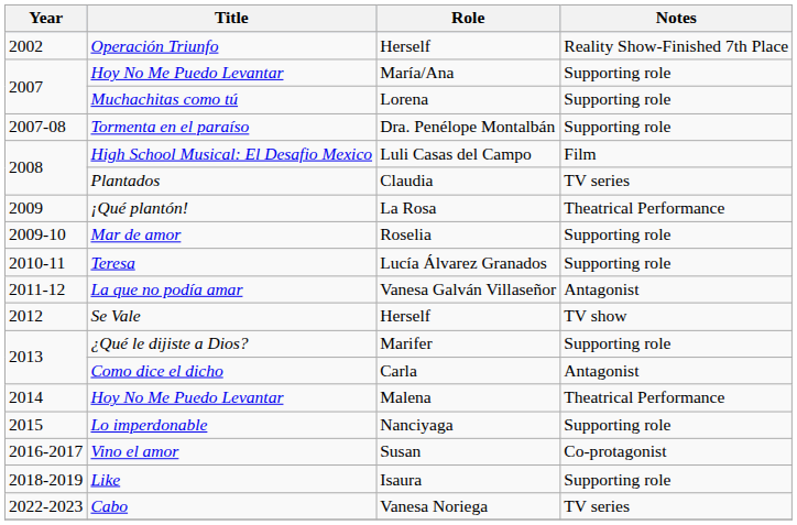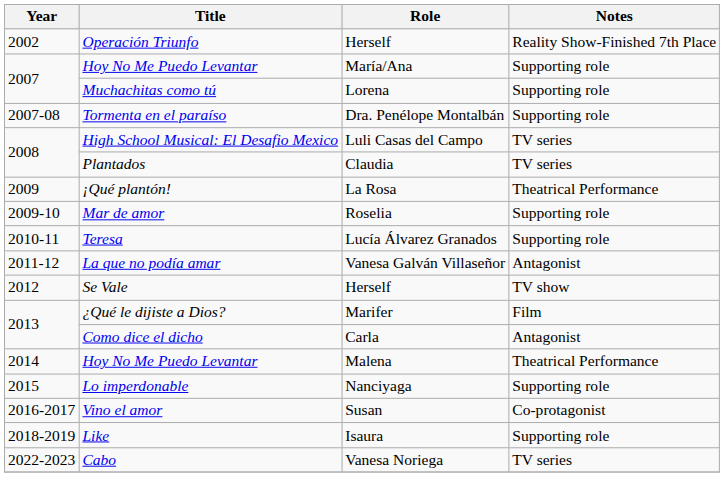 <table class="wikitable">
 <tr style="background:#b0c4de;">
 <th>Year</th>
 <th>Title</th>
 <th>Role</th>
 <th>Notes</th>
 </tr>
 <tr>
 <td>2002</td>
 <td><em><a href='#'>Operación Triunfo</a></em></td>
 <td>Herself</td>
 <td>Reality Show-Finished 7th Place</td>
 </tr>
 <tr>
 <td rowspan=2>2007</td>
 <td><em><a href='#'>Hoy No Me Puedo Levantar</a></em></td>
 <td>María/Ana</td>
 <td>Supporting role</td>
 </tr>
 <tr>
 <td><em><a href='#'>Muchachitas como tú</a></em></td>
 <td>Lorena</td>
 <td>Supporting role</td>
 </tr>
 <tr>
 <td>2007-08</td>
 <td><em><a href='#'>Tormenta en el paraíso</a></em></td>
 <td>Dra. Penélope Montalbán</td>
 <td>Supporting role</td>
 </tr>
 <tr>
 <td rowspan=2>2008</td>
 <td><em><a href='#'>High School Musical: El Desafio Mexico</a></em></td>
 <td>Luli Casas del Campo</td>
-<td>Film</td>
+<td>TV series</td>
 </tr>
 <tr>
 <td><em>Plantados</em></td>
 <td>Claudia</td>
 <td>TV series</td>
 </tr>
 <tr>
 <td>2009</td>
 <td><em>¡Qué plantón!</em></td>
 <td>La Rosa</td>
 <td>Theatrical Performance</td>
 </tr>
 <tr>
 <td>2009-10</td>
 <td><em><a href='#'>Mar de amor</a></em></td>
 <td>Roselia</td>
 <td>Supporting role</td>
 </tr>
 <tr>
 <td>2010-11</td>
 <td><em><a href='#'>Teresa</a></em></td>
 <td>Lucía Álvarez Granados</td>
 <td>Supporting role</td>
 </tr>
 <tr>
 <td>2011-12</td>
 <td><em><a href='#'>La que no podía amar</a></em></td>
 <td>Vanesa Galván Villaseñor</td>
 <td>Antagonist</td>
 </tr>
 <tr>
 <td>2012</td>
 <td><em>Se Vale</em></td>
 <td>Herself</td>
 <td>TV show</td>
 </tr>
 <tr>
 <td rowspan=2>2013</td>
 <td><em>¿Qué le dijiste a Dios? </em></td>
 <td>Marifer</td>
-<td>Supporting role</td>
+<td>Film</td>
 </tr>
 <tr>
 <td><em><a href='#'>Como dice el dicho</a></em></td>
 <td>Carla</td>
 <td>Antagonist</td>
 </tr>
 <tr>
 <td>2014</td>
 <td><em><a href='#'>Hoy No Me Puedo Levantar</a></em></td>
 <td>Malena</td>
 <td>Theatrical Performance</td>
 </tr>
 <tr>
 <td>2015</td>
 <td><em><a href='#'>Lo imperdonable</a></em></td>
 <td>Nanciyaga</td>
 <td>Supporting role</td>
 </tr>
 <tr>
 <td>2016-2017</td>
 <td><em><a href='#'>Vino el amor</a></em></td>
 <td>Susan</td>
 <td>Co-protagonist</td>
 </tr>
 <tr>
 <td>2018-2019</td>
 <td><em><a href='#'>Like</a></em></td>
 <td>Isaura</td>
 <td>Supporting role</td>
 </tr>
 <tr>
 <td>2022-2023</td>
 <td><em><a href='#'>Cabo</a></em></td>
 <td>Vanesa Noriega</td>
 <td>TV series</td>
 </tr>
 <tr>
 </tr>
 </table>
